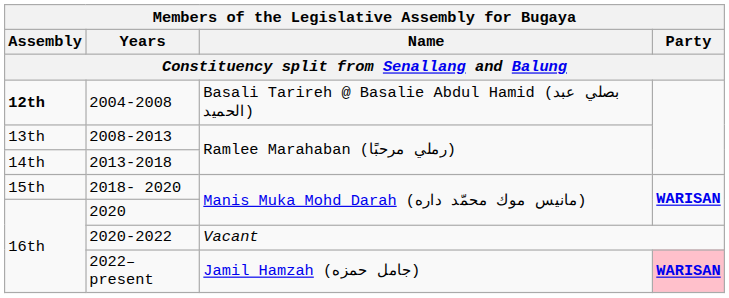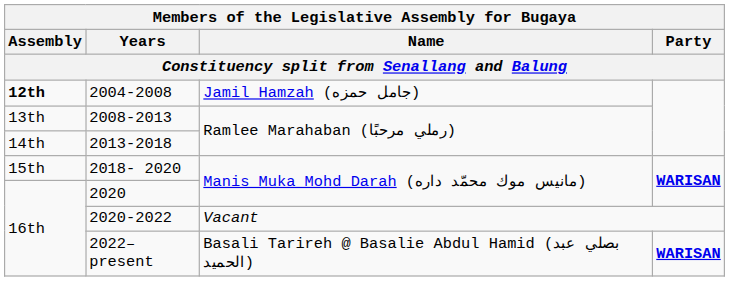 <table class="wikitable">
 <tr>
 <th colspan="4">Members of the Legislative Assembly for Bugaya</th>
 </tr>
 <tr>
 <th>Assembly</th>
 <th>Years</th>
 <th>Name</th>
 <th>Party</th>
 </tr>
 <tr>
 <th colspan="4" align="center"><em>Constituency split from <a href='#'>Senallang</a> and <a href='#'>Balung</a></em></th>
 </tr>
 <tr>
 <td><strong>12th</strong></td>
 <td>2004-2008</td>
-<td>Basali Tarireh @ Basalie Abdul Hamid (بصلي عبد الحميد)</td>
+<td><a href='#'>Jamil Hamzah</a> (جامل حمزه)</td>
 <td rowspan=3></td>
 </tr>
 <tr>
 <td>13th</td>
 <td>2008-2013</td>
 <td rowspan="2">Ramlee Marahaban (رملي مرحبًا)</td>
 </tr>
 <tr>
 <td>14th</td>
 <td>2013-2018</td>
 </tr>
 <tr>
 <td>15th</td>
 <td>2018- 2020</td>
 <td rowspan="2"><a href='#'>Manis Muka Mohd Darah</a> (مانيس موك محمّد داره)</td>
 <td rowspan=2><strong><a href='#'>WARISAN</a></strong></td>
 </tr>
 <tr>
 <td rowspan="3">16th</td>
 <td>2020</td>
 </tr>
 <tr>
 <td>2020-2022</td>
 <td colspan="2"><em>Vacant</em></td>
 </tr>
 <tr>
 <td>2022–present</td>
-<td><a href='#'>Jamil Hamzah</a> (جامل حمزه)</td>
-<td style="background: pink;"><strong><a href='#'>WARISAN</a></strong></td>
+<td>Basali Tarireh @ Basalie Abdul Hamid (بصلي عبد الحميد)</td>
+<td><strong><a href='#'>WARISAN</a></strong></td>
 </tr>
 </table>
